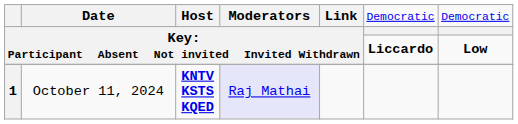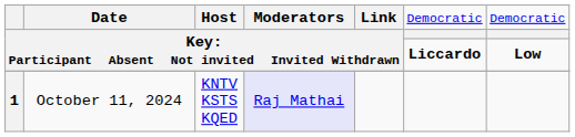 <table class="wikitable" style="text-align:center;">
 <tr>
 <th scope="col"></th>
 <th scope="col">Date</th>
 <th scope="col">Host</th>
 <th scope="col">Moderators</th>
 <th scope="col">Link</th>
 <td><small><a href='#'>Democratic</a></small></td>
 <td><small><a href='#'>Democratic</a></small></td>
 </tr>
 <tr>
 <th colspan="5" rowspan="2">Key:<br> <small>Participant </small>  <small>Absent </small>  <small>Not invited </small>  <small>Invited  Withdrawn</small></th>
 <th scope="col" style="background:"></th>
 <th scope="col" style="background:"></th>
 </tr>
 <tr>
 <td><strong>Liccardo</strong></td>
 <td><strong>Low</strong></td>
 </tr>
 <tr>
 </tr>
 <tr>
 <th>1</th>
 <td style="white-space:nowrap;">October 11, 2024</td>
-<td style="white-space:nowrap;"><strong><a href='#'>KNTV</a><br><a href='#'>KSTS</a><br><a href='#'>KQED</a></strong></td>
+<td style="white-space:nowrap;"><a href='#'>KNTV</a><br><a href='#'>KSTS</a><br><a href='#'>KQED</a></td>
 <td style="background: lavender; white-space:nowrap;"><a href='#'>Raj Mathai</a></td>
 <td style="white-space:nowrap;"></td>
 <td></td>
 <td></td>
 </tr>
 </table>
